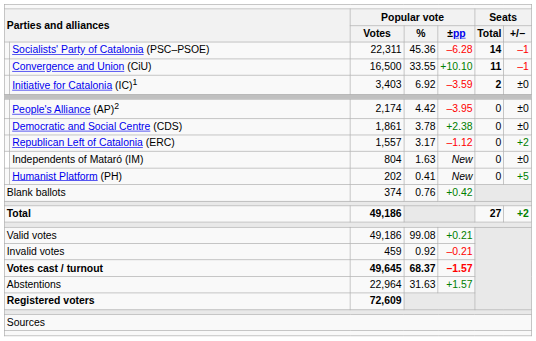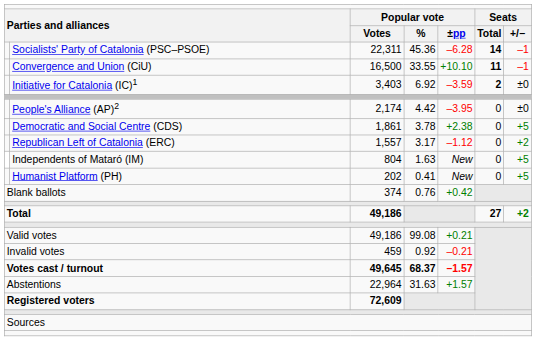 <table class="wikitable" style="text-align:right;">
 <tr>
 <td colspan="7"></td>
 </tr>
 <tr>
 <th style="text-align:left;" rowspan="2" colspan="2" width="525">Parties and alliances</th>
 <th colspan="3">Popular vote</th>
 <th colspan="2">Seats</th>
 </tr>
 <tr>
 <th width="75">Votes</th>
 <th width="45">%</th>
 <th width="45">±<a href='#'>pp</a></th>
 <th width="35">Total</th>
 <th width="35">+/−</th>
 </tr>
 <tr>
 <td width="1" style="color:inherit;background:"></td>
 <td align="left"><a href='#'>Socialists' Party of Catalonia</a> (PSC–PSOE)</td>
 <td>22,311</td>
 <td>45.36</td>
 <td style="color:red;">–6.28</td>
 <td><strong>14</strong></td>
 <td style="color:red;">–1</td>
 </tr>
 <tr>
 <td style="color:inherit;background:"></td>
 <td align="left"><a href='#'>Convergence and Union</a> (CiU)</td>
 <td>16,500</td>
 <td>33.55</td>
 <td style="color:green;">+10.10</td>
 <td><strong>11</strong></td>
 <td style="color:red;">–1</td>
 </tr>
 <tr>
 <td style="color:inherit;background:"></td>
 <td align="left"><a href='#'>Initiative for Catalonia</a> (IC)<sup>1</sup></td>
 <td>3,403</td>
 <td>6.92</td>
 <td style="color:red;">–3.59</td>
 <td><strong>2</strong></td>
 <td>±0</td>
 </tr>
 <tr>
 <td colspan="7" style="color:inherit;background:#C0C0C0"></td>
 </tr>
 <tr>
 <td style="color:inherit;background:"></td>
 <td align="left"><a href='#'>People's Alliance</a> (AP)<sup>2</sup></td>
 <td>2,174</td>
 <td>4.42</td>
 <td style="color:red;">–3.95</td>
 <td>0</td>
 <td>±0</td>
 </tr>
 <tr>
 <td style="color:inherit;background:"></td>
 <td align="left"><a href='#'>Democratic and Social Centre</a> (CDS)</td>
 <td>1,861</td>
 <td>3.78</td>
 <td style="color:green;">+2.38</td>
 <td>0</td>
-<td>±0</td>
+<td style="color:green;">+5</td>
 </tr>
 <tr>
 <td style="color:inherit;background:"></td>
 <td align="left"><a href='#'>Republican Left of Catalonia</a> (ERC)</td>
 <td>1,557</td>
 <td>3.17</td>
 <td style="color:red;">–1.12</td>
 <td>0</td>
 <td style="color:green;">+2</td>
 </tr>
 <tr>
 <td bgcolor="white"></td>
 <td align="left">Independents of Mataró (IM)</td>
 <td>804</td>
 <td>1.63</td>
 <td><em>New</em></td>
 <td>0</td>
-<td>±0</td>
+<td style="color:green;">+5</td>
 </tr>
 <tr>
 <td style="color:inherit;background:"></td>
 <td align="left"><a href='#'>Humanist Platform</a> (PH)</td>
 <td>202</td>
 <td>0.41</td>
 <td><em>New</em></td>
 <td>0</td>
 <td style="color:green;">+5</td>
 </tr>
 <tr>
 <td align="left" colspan="2">Blank ballots</td>
 <td>374</td>
 <td>0.76</td>
 <td style="color:green;">+0.42</td>
 <td style="color:inherit;background:#E9E9E9" colspan="2"></td>
 </tr>
 <tr>
 <td colspan="7" style="color:inherit;background:#E9E9E9"></td>
 </tr>
 <tr style="font-weight:bold;">
 <td align="left" colspan="2">Total</td>
 <td>49,186</td>
 <td bgcolor="#E9E9E9" colspan="2"></td>
 <td>27</td>
 <td style="color:green;">+2</td>
 </tr>
 <tr>
 <td colspan="7" style="color:inherit;background:#E9E9E9"></td>
 </tr>
 <tr>
 <td align="left" colspan="2">Valid votes</td>
 <td>49,186</td>
 <td>99.08</td>
 <td style="color:green;">+0.21</td>
 <td bgcolor="#E9E9E9" colspan="2" rowspan="5"></td>
 </tr>
 <tr>
 <td align="left" colspan="2">Invalid votes</td>
 <td>459</td>
 <td>0.92</td>
 <td style="color:red;">–0.21</td>
 </tr>
 <tr style="font-weight:bold;">
 <td align="left" colspan="2">Votes cast / turnout</td>
 <td>49,645</td>
 <td>68.37</td>
 <td style="color:red;">–1.57</td>
 </tr>
 <tr>
 <td align="left" colspan="2">Abstentions</td>
 <td>22,964</td>
 <td>31.63</td>
 <td style="color:green;">+1.57</td>
 </tr>
 <tr style="font-weight:bold;">
 <td align="left" colspan="2">Registered voters</td>
 <td>72,609</td>
 <td bgcolor="#E9E9E9" colspan="2"></td>
 </tr>
 <tr>
 <td colspan="7" style="color:inherit;background:#E9E9E9"></td>
 </tr>
 <tr>
 <td align="left" colspan="7">Sources</td>
 </tr>
 <tr>
 <td colspan="7" style="text-align:left; max-width:790px;"></td>
 </tr>
 </table>
